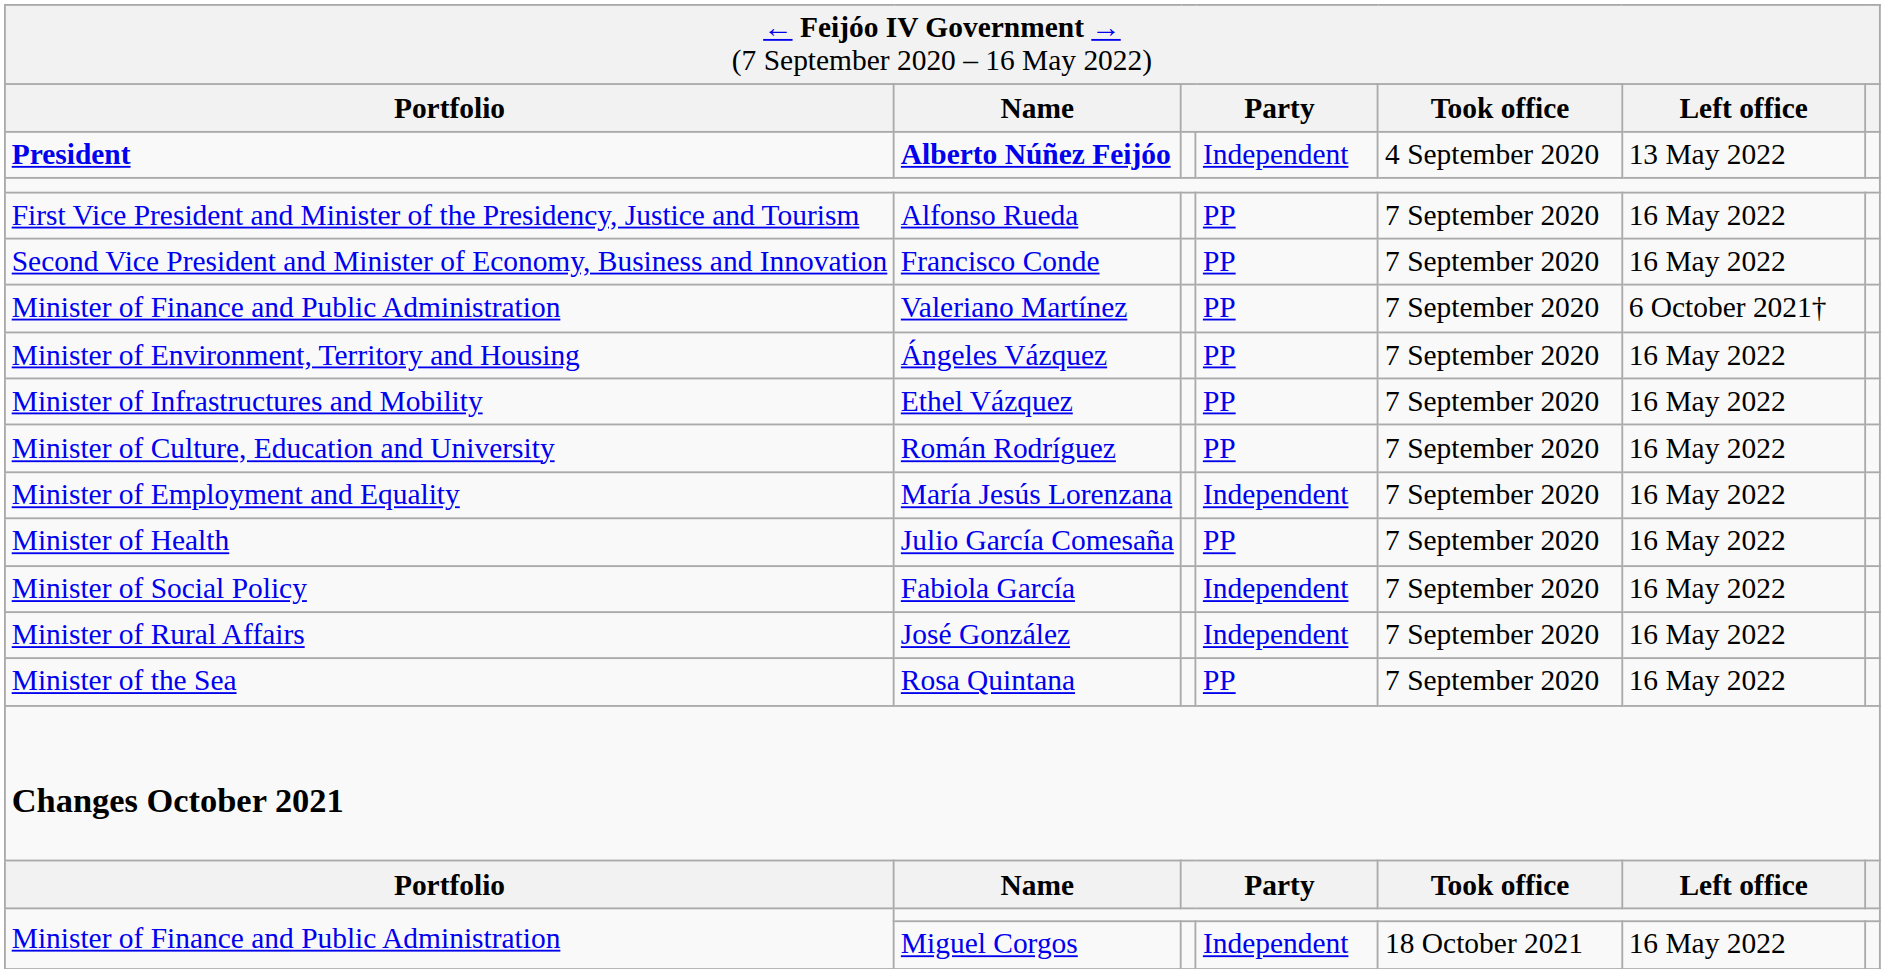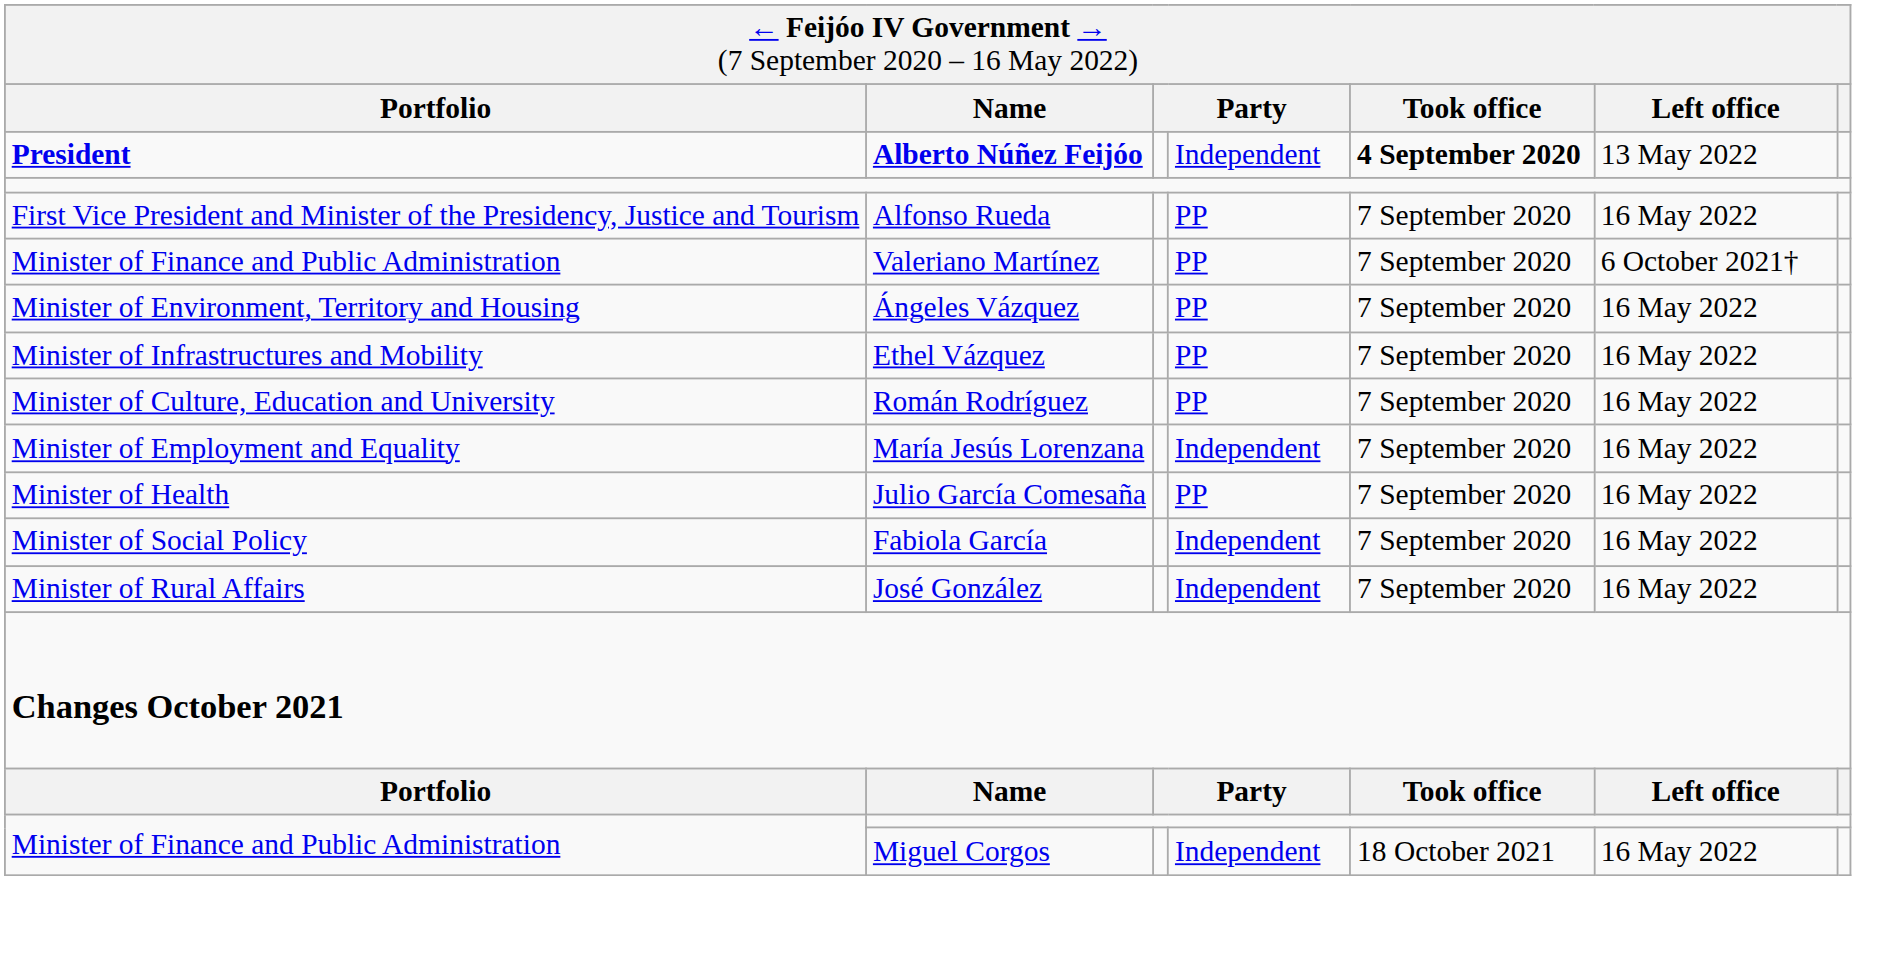 <table class="wikitable">
 <tr>
 <td colspan="7" bgcolor="#F2F2F2" align="center"><a href='#'>←</a> <strong>Feijóo IV Government</strong> <a href='#'>→</a><br>(7 September 2020 – 16 May 2022)</td>
 </tr>
 <tr>
 <th>Portfolio</th>
 <th>Name</th>
 <th width="100px" colspan="2">Party</th>
 <th width="125px">Took office</th>
 <th width="125px">Left office</th>
 <th></th>
 </tr>
 <tr>
 <td><strong><a href='#'>President</a></strong></td>
 <td><strong><a href='#'>Alberto Núñez Feijóo</a></strong></td>
 <td width="1" style="background-color:"></td>
 <td><a href='#'>Independent</a></td>
-<td>4 September 2020</td>
+<td><strong>4 September 2020</strong></td>
 <td>13 May 2022</td>
 <td align="center"></td>
 </tr>
 <tr>
 <td colspan="7"></td>
 </tr>
 <tr>
 <td><a href='#'>First Vice President and Minister of the Presidency, Justice and Tourism</a></td>
 <td><a href='#'>Alfonso Rueda</a></td>
-<td style="background-color:"></td>
-<td><a href='#'>PP</a></td>
-<td>7 September 2020</td>
-<td>16 May 2022</td>
-<td align="center"></td>
-</tr>
-<tr>
-<td><a href='#'>Second Vice President and Minister of Economy, Business and Innovation</a></td>
-<td><a href='#'>Francisco Conde</a></td>
 <td style="background-color:"></td>
 <td><a href='#'>PP</a></td>
 <td>7 September 2020</td>
 <td>16 May 2022</td>
 <td align="center"></td>
 </tr>
 <tr>
 <td><a href='#'>Minister of Finance and Public Administration</a></td>
 <td><a href='#'>Valeriano Martínez</a></td>
 <td style="background-color:"></td>
 <td><a href='#'>PP</a></td>
 <td>7 September 2020</td>
 <td>6 October 2021†</td>
 <td align="center"></td>
 </tr>
 <tr>
 <td><a href='#'>Minister of Environment, Territory and Housing</a></td>
 <td><a href='#'>Ángeles Vázquez</a></td>
 <td style="background-color:"></td>
 <td><a href='#'>PP</a></td>
 <td>7 September 2020</td>
 <td>16 May 2022</td>
 <td align="center"></td>
 </tr>
 <tr>
 <td><a href='#'>Minister of Infrastructures and Mobility</a></td>
 <td><a href='#'>Ethel Vázquez</a></td>
 <td style="background-color:"></td>
 <td><a href='#'>PP</a></td>
 <td>7 September 2020</td>
 <td>16 May 2022</td>
 <td align="center"></td>
 </tr>
 <tr>
 <td><a href='#'>Minister of Culture, Education and University</a></td>
 <td><a href='#'>Román Rodríguez</a></td>
 <td style="background-color:"></td>
 <td><a href='#'>PP</a></td>
 <td>7 September 2020</td>
 <td>16 May 2022</td>
 <td align="center"></td>
 </tr>
 <tr>
 <td><a href='#'>Minister of Employment and Equality</a></td>
 <td><a href='#'>María Jesús Lorenzana</a></td>
 <td style="background-color:"></td>
 <td><a href='#'>Independent</a></td>
 <td>7 September 2020</td>
 <td>16 May 2022</td>
 <td align="center"></td>
 </tr>
 <tr>
 <td><a href='#'>Minister of Health</a></td>
 <td><a href='#'>Julio García Comesaña</a></td>
 <td style="background-color:"></td>
 <td><a href='#'>PP</a></td>
 <td>7 September 2020</td>
 <td>16 May 2022</td>
 <td align="center"></td>
 </tr>
 <tr>
 <td><a href='#'>Minister of Social Policy</a></td>
 <td><a href='#'>Fabiola García</a></td>
 <td style="background-color:"></td>
 <td><a href='#'>Independent</a></td>
 <td>7 September 2020</td>
 <td>16 May 2022</td>
 <td align="center"></td>
 </tr>
 <tr>
 <td><a href='#'>Minister of Rural Affairs</a></td>
 <td><a href='#'>José González</a></td>
 <td style="background-color:"></td>
 <td><a href='#'>Independent</a></td>
 <td>7 September 2020</td>
 <td>16 May 2022</td>
 <td align="center"></td>
 </tr>
 <tr>
-<td><a href='#'>Minister of the Sea</a></td>
-<td><a href='#'>Rosa Quintana</a></td>
-<td style="background-color:"></td>
-<td><a href='#'>PP</a></td>
-<td>7 September 2020</td>
-<td>16 May 2022</td>
-<td align="center"></td>
-</tr>
-<tr>
 <td colspan="7"><br><h3>Changes October 2021</h3></td>
 </tr>
 <tr>
 <th>Portfolio</th>
 <th>Name</th>
 <th colspan="2">Party</th>
 <th>Took office</th>
 <th>Left office</th>
 <th></th>
 </tr>
 <tr>
 <td rowspan="2"><a href='#'>Minister of Finance and Public Administration</a></td>
 <td colspan="6"></td>
 </tr>
 <tr>
 <td><a href='#'>Miguel Corgos</a></td>
 <td style="background-color:"></td>
 <td><a href='#'>Independent</a></td>
 <td>18 October 2021</td>
 <td>16 May 2022</td>
 <td align="center"></td>
 </tr>
 </table>
